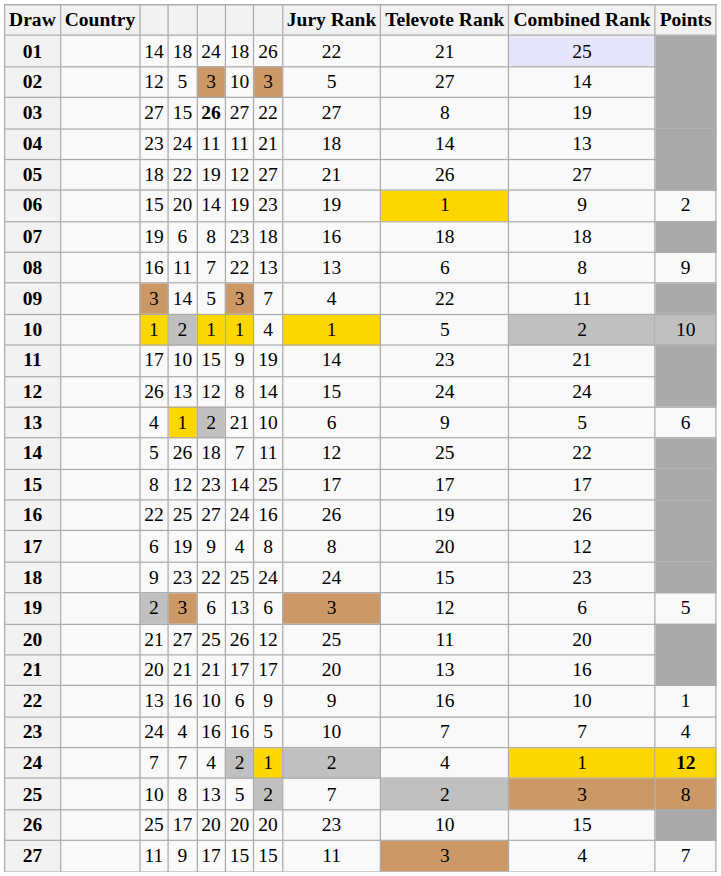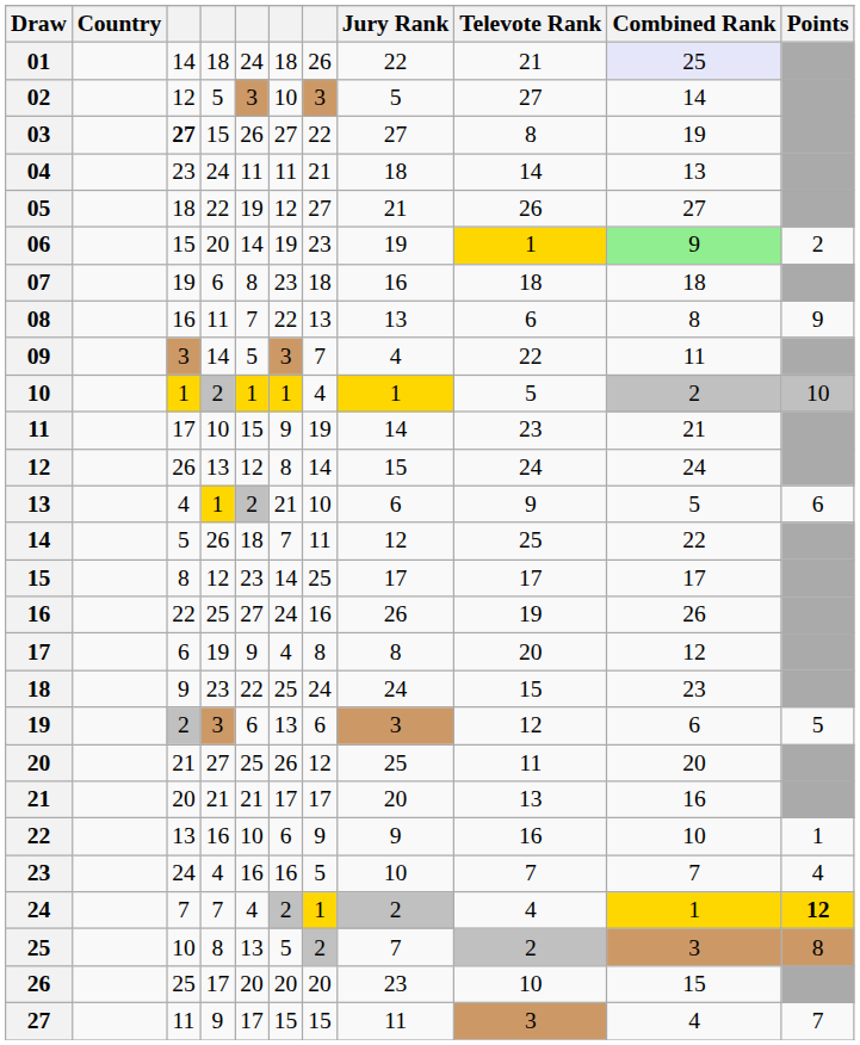 <table class="sortable wikitable collapsible plainrowheaders" style="text-align:center;">
 <tr>
 </tr>
 <tr>
 <th scope="col">Draw</th>
 <th scope="col">Country</th>
 <th scope="col"><small></small></th>
 <th scope="col"><small></small></th>
 <th scope="col"><small></small></th>
 <th scope="col"><small></small></th>
 <th scope="col"><small></small></th>
 <th scope="col">Jury Rank</th>
 <th scope="col">Televote Rank</th>
 <th scope="col">Combined Rank</th>
 <th scope="col">Points</th>
 </tr>
 <tr>
 <th scope="row" style="text-align:center;">01</th>
 <td style="text-align:left;"></td>
 <td>14</td>
 <td>18</td>
 <td>24</td>
 <td>18</td>
 <td>26</td>
 <td>22</td>
 <td>21</td>
 <td style="background: lavender;">25</td>
 <td style="background:#AAAAAA;"></td>
 </tr>
 <tr>
 <th scope="row" style="text-align:center;">02</th>
 <td style="text-align:left;"></td>
 <td>12</td>
 <td>5</td>
 <td style="background:#CC9966;">3</td>
 <td>10</td>
 <td style="background:#CC9966;">3</td>
 <td>5</td>
 <td>27</td>
 <td>14</td>
 <td style="background:#AAAAAA;"></td>
 </tr>
 <tr>
 <th scope="row" style="text-align:center;">03</th>
 <td style="text-align:left;"></td>
-<td>27</td>
+<td><strong>27</strong></td>
 <td>15</td>
-<td><strong>26</strong></td>
+<td>26</td>
 <td>27</td>
 <td>22</td>
 <td>27</td>
 <td>8</td>
 <td>19</td>
 <td style="background:#AAAAAA;"></td>
 </tr>
 <tr>
 <th scope="row" style="text-align:center;">04</th>
 <td style="text-align:left;"></td>
 <td>23</td>
 <td>24</td>
 <td>11</td>
 <td>11</td>
 <td>21</td>
 <td>18</td>
 <td>14</td>
 <td>13</td>
 <td style="background:#AAAAAA;"></td>
 </tr>
 <tr>
 <th scope="row" style="text-align:center;">05</th>
 <td style="text-align:left;"></td>
 <td>18</td>
 <td>22</td>
 <td>19</td>
 <td>12</td>
 <td>27</td>
 <td>21</td>
 <td>26</td>
 <td>27</td>
 <td style="background:#AAAAAA;"></td>
 </tr>
 <tr>
 <th scope="row" style="text-align:center;">06</th>
 <td style="text-align:left;"></td>
 <td>15</td>
 <td>20</td>
 <td>14</td>
 <td>19</td>
 <td>23</td>
 <td>19</td>
 <td style="background:gold;">1</td>
-<td>9</td>
+<td style="background: lightgreen;">9</td>
 <td>2</td>
 </tr>
 <tr>
 <th scope="row" style="text-align:center;">07</th>
 <td style="text-align:left;"></td>
 <td>19</td>
 <td>6</td>
 <td>8</td>
 <td>23</td>
 <td>18</td>
 <td>16</td>
 <td>18</td>
 <td>18</td>
 <td style="background:#AAAAAA;"></td>
 </tr>
 <tr>
 <th scope="row" style="text-align:center;">08</th>
 <td style="text-align:left;"></td>
 <td>16</td>
 <td>11</td>
 <td>7</td>
 <td>22</td>
 <td>13</td>
 <td>13</td>
 <td>6</td>
 <td>8</td>
 <td>9</td>
 </tr>
 <tr>
 <th scope="row" style="text-align:center;">09</th>
 <td style="text-align:left;"></td>
 <td style="background:#CC9966;">3</td>
 <td>14</td>
 <td>5</td>
 <td style="background:#CC9966;">3</td>
 <td>7</td>
 <td>4</td>
 <td>22</td>
 <td>11</td>
 <td style="background:#AAAAAA;"></td>
 </tr>
 <tr>
 <th scope="row" style="text-align:center;">10</th>
 <td style="text-align:left;"></td>
 <td style="background:gold;">1</td>
 <td style="background:silver;">2</td>
 <td style="background:gold;">1</td>
 <td style="background:gold;">1</td>
 <td>4</td>
 <td style="background:gold;">1</td>
 <td>5</td>
 <td style="background:silver;">2</td>
 <td style="background:silver;">10</td>
 </tr>
 <tr>
 <th scope="row" style="text-align:center;">11</th>
 <td style="text-align:left;"></td>
 <td>17</td>
 <td>10</td>
 <td>15</td>
 <td>9</td>
 <td>19</td>
 <td>14</td>
 <td>23</td>
 <td>21</td>
 <td style="background:#AAAAAA;"></td>
 </tr>
 <tr>
 <th scope="row" style="text-align:center;">12</th>
 <td style="text-align:left;"></td>
 <td>26</td>
 <td>13</td>
 <td>12</td>
 <td>8</td>
 <td>14</td>
 <td>15</td>
 <td>24</td>
 <td>24</td>
 <td style="background:#AAAAAA;"></td>
 </tr>
 <tr>
 <th scope="row" style="text-align:center;">13</th>
 <td style="text-align:left;"></td>
 <td>4</td>
 <td style="background:gold;">1</td>
 <td style="background:silver;">2</td>
 <td>21</td>
 <td>10</td>
 <td>6</td>
 <td>9</td>
 <td>5</td>
 <td>6</td>
 </tr>
 <tr>
 <th scope="row" style="text-align:center;">14</th>
 <td style="text-align:left;"></td>
 <td>5</td>
 <td>26</td>
 <td>18</td>
 <td>7</td>
 <td>11</td>
 <td>12</td>
 <td>25</td>
 <td>22</td>
 <td style="background:#AAAAAA;"></td>
 </tr>
 <tr>
 <th scope="row" style="text-align:center;">15</th>
 <td style="text-align:left;"></td>
 <td>8</td>
 <td>12</td>
 <td>23</td>
 <td>14</td>
 <td>25</td>
 <td>17</td>
 <td>17</td>
 <td>17</td>
 <td style="background:#AAAAAA;"></td>
 </tr>
 <tr>
 <th scope="row" style="text-align:center;">16</th>
 <td style="text-align:left;"></td>
 <td>22</td>
 <td>25</td>
 <td>27</td>
 <td>24</td>
 <td>16</td>
 <td>26</td>
 <td>19</td>
 <td>26</td>
 <td style="background:#AAAAAA;"></td>
 </tr>
 <tr>
 <th scope="row" style="text-align:center;">17</th>
 <td style="text-align:left;"></td>
 <td>6</td>
 <td>19</td>
 <td>9</td>
 <td>4</td>
 <td>8</td>
 <td>8</td>
 <td>20</td>
 <td>12</td>
 <td style="background:#AAAAAA;"></td>
 </tr>
 <tr>
 <th scope="row" style="text-align:center;">18</th>
 <td style="text-align:left;"></td>
 <td>9</td>
 <td>23</td>
 <td>22</td>
 <td>25</td>
 <td>24</td>
 <td>24</td>
 <td>15</td>
 <td>23</td>
 <td style="background:#AAAAAA;"></td>
 </tr>
 <tr>
 <th scope="row" style="text-align:center;">19</th>
 <td style="text-align:left;"></td>
 <td style="background:silver;">2</td>
 <td style="background:#CC9966;">3</td>
 <td>6</td>
 <td>13</td>
 <td>6</td>
 <td style="background:#CC9966;">3</td>
 <td>12</td>
 <td>6</td>
 <td>5</td>
 </tr>
 <tr>
 <th scope="row" style="text-align:center;">20</th>
 <td style="text-align:left;"></td>
 <td>21</td>
 <td>27</td>
 <td>25</td>
 <td>26</td>
 <td>12</td>
 <td>25</td>
 <td>11</td>
 <td>20</td>
 <td style="background:#AAAAAA;"></td>
 </tr>
 <tr>
 <th scope="row" style="text-align:center;">21</th>
 <td style="text-align:left;"></td>
 <td>20</td>
 <td>21</td>
 <td>21</td>
 <td>17</td>
 <td>17</td>
 <td>20</td>
 <td>13</td>
 <td>16</td>
 <td style="background:#AAAAAA;"></td>
 </tr>
 <tr>
 <th scope="row" style="text-align:center;">22</th>
 <td style="text-align:left;"></td>
 <td>13</td>
 <td>16</td>
 <td>10</td>
 <td>6</td>
 <td>9</td>
 <td>9</td>
 <td>16</td>
 <td>10</td>
 <td>1</td>
 </tr>
 <tr>
 <th scope="row" style="text-align:center;">23</th>
 <td style="text-align:left;"></td>
 <td>24</td>
 <td>4</td>
 <td>16</td>
 <td>16</td>
 <td>5</td>
 <td>10</td>
 <td>7</td>
 <td>7</td>
 <td>4</td>
 </tr>
 <tr>
 <th scope="row" style="text-align:center;">24</th>
 <td style="text-align:left;"></td>
 <td>7</td>
 <td>7</td>
 <td>4</td>
 <td style="background:silver;">2</td>
 <td style="background:gold;">1</td>
 <td style="background:silver;">2</td>
 <td>4</td>
 <td style="background:gold;">1</td>
 <td style="background:gold;"><strong>12</strong></td>
 </tr>
 <tr>
 <th scope="row" style="text-align:center;">25</th>
 <td style="text-align:left;"></td>
 <td>10</td>
 <td>8</td>
 <td>13</td>
 <td>5</td>
 <td style="background:silver;">2</td>
 <td>7</td>
 <td style="background:silver;">2</td>
 <td style="background:#CC9966;">3</td>
 <td style="background:#CC9966;">8</td>
 </tr>
 <tr>
 <th scope="row" style="text-align:center;">26</th>
 <td style="text-align:left;"></td>
 <td>25</td>
 <td>17</td>
 <td>20</td>
 <td>20</td>
 <td>20</td>
 <td>23</td>
 <td>10</td>
 <td>15</td>
 <td style="background:#AAAAAA;"></td>
 </tr>
 <tr>
 <th scope="row" style="text-align:center;">27</th>
 <td style="text-align:left;"></td>
 <td>11</td>
 <td>9</td>
 <td>17</td>
 <td>15</td>
 <td>15</td>
 <td>11</td>
 <td style="background:#CC9966;">3</td>
 <td>4</td>
 <td>7</td>
 </tr>
 </table>
